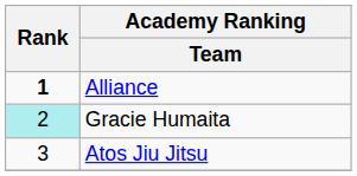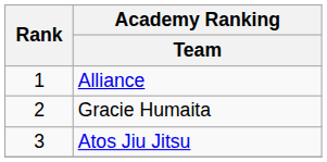 <table class="wikitable" style="text-align:center;">
 <tr>
 <th rowspan="2" width="50">Rank</th>
 <th colspan="2">Academy Ranking</th>
 </tr>
 <tr>
 <th width="200">Team</th>
 </tr>
 <tr>
-<td><strong>1</strong></td>
+<td>1</td>
 <td style=text-align:left><a href='#'>Alliance</a></td>
 </tr>
 <tr>
-<td style="background: paleturquoise;">2</td>
+<td>2</td>
 <td style=text-align:left>Gracie Humaita</td>
 </tr>
 <tr>
 <td>3</td>
 <td style=text-align:left><a href='#'>Atos Jiu Jitsu</a></td>
 </tr>
 <tr>
 </tr>
 </table>
